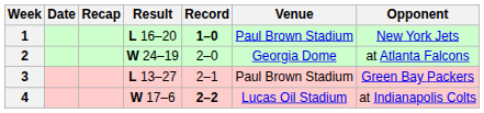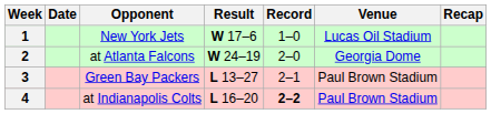 <table class="wikitable" style="text-align:center">
 <tr>
 <th>Week</th>
 <th>Date</th>
-<th>Recap</th>
+<th>Opponent</th>
 <th>Result</th>
 <th>Record</th>
 <th>Venue</th>
-<th>Opponent</th>
+<th>Recap</th>
 </tr>
 <tr style="background:#cfc">
 <th>1</th>
 <td></td>
+<td><a href='#'>New York Jets</a></td>
+<td><strong>W</strong> 17–6</td>
+<td>1–0</td>
+<td><a href='#'>Lucas Oil Stadium</a></td>
 <td></td>
-<td><strong>L</strong> 16–20</td>
-<td><strong>1–0</strong></td>
-<td><a href='#'>Paul Brown Stadium</a></td>
-<td><a href='#'>New York Jets</a></td>
 </tr>
 <tr style="background:#cfc">
 <th>2</th>
 <td></td>
-<td></td>
+<td>at <a href='#'>Atlanta Falcons</a></td>
 <td><strong>W</strong> 24–19</td>
 <td>2–0</td>
 <td><a href='#'>Georgia Dome</a></td>
-<td>at <a href='#'>Atlanta Falcons</a></td>
+<td></td>
 </tr>
 <tr style="background:#fcc">
 <th>3</th>
 <td></td>
-<td></td>
+<td><a href='#'>Green Bay Packers</a></td>
 <td><strong>L</strong> 13–27</td>
 <td>2–1</td>
 <td>Paul Brown Stadium</td>
-<td><a href='#'>Green Bay Packers</a></td>
+<td></td>
 </tr>
 <tr style="background:#fcc">
 <th>4</th>
 <td></td>
+<td>at <a href='#'>Indianapolis Colts</a></td>
+<td><strong>L</strong> 16–20</td>
+<td><strong>2–2</strong></td>
+<td><a href='#'>Paul Brown Stadium</a></td>
 <td></td>
-<td><strong>W</strong> 17–6</td>
-<td><strong>2–2</strong></td>
-<td><a href='#'>Lucas Oil Stadium</a></td>
-<td>at <a href='#'>Indianapolis Colts</a></td>
 </tr>
 </table>
